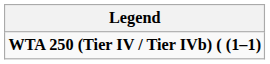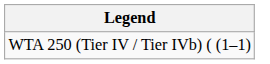 <table class=wikitable style=font-size:90%>
 <tr>
 <th>Legend</th>
 </tr>
 <tr>
-<td><strong>WTA 250 (Tier IV / Tier IVb) ( (1–1)</strong></td>
+<td>WTA 250 (Tier IV / Tier IVb) ( (1–1)</td>
 </tr>
 </table>
